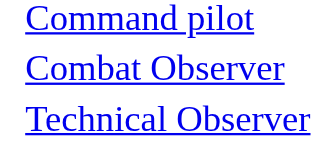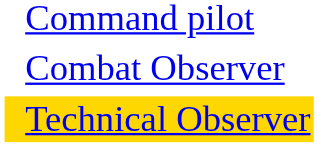 <table>
 <tr>
 <td>  <a href='#'>Command pilot</a></td>
 </tr>
 <tr>
 <td>  <a href='#'>Combat Observer</a></td>
 </tr>
 <tr>
-<td>  <a href='#'>Technical Observer</a></td>
+<td style="background: gold;">  <a href='#'>Technical Observer</a></td>
 </tr>
 <tr>
 </tr>
 </table>
